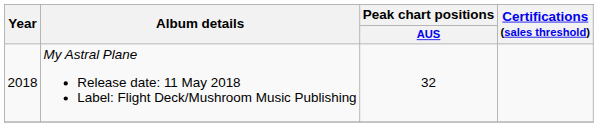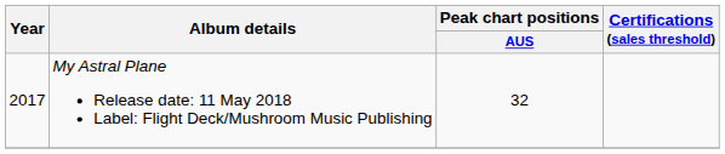 <table class="wikitable" style="text-align:center;">
 <tr>
 <th rowspan="2">Year</th>
 <th rowspan="2">Album details</th>
 <th colspan="1">Peak chart positions</th>
 <th rowspan="2"><a href='#'>Certifications</a><br><small>(<a href='#'>sales threshold</a>)</small></th>
 </tr>
 <tr style="font-size:smaller;">
 <th><a href='#'>AUS</a><br></th>
 </tr>
 <tr>
-<td>2018</td>
+<td>2017</td>
 <td align="left"><em>My Astral Plane</em><br><ul><li>Release date: 11 May 2018</li><li>Label: Flight Deck/Mushroom Music Publishing</li></ul></td>
 <td>32</td>
 <td></td>
 </tr>
 <tr>
 </tr>
 </table>
